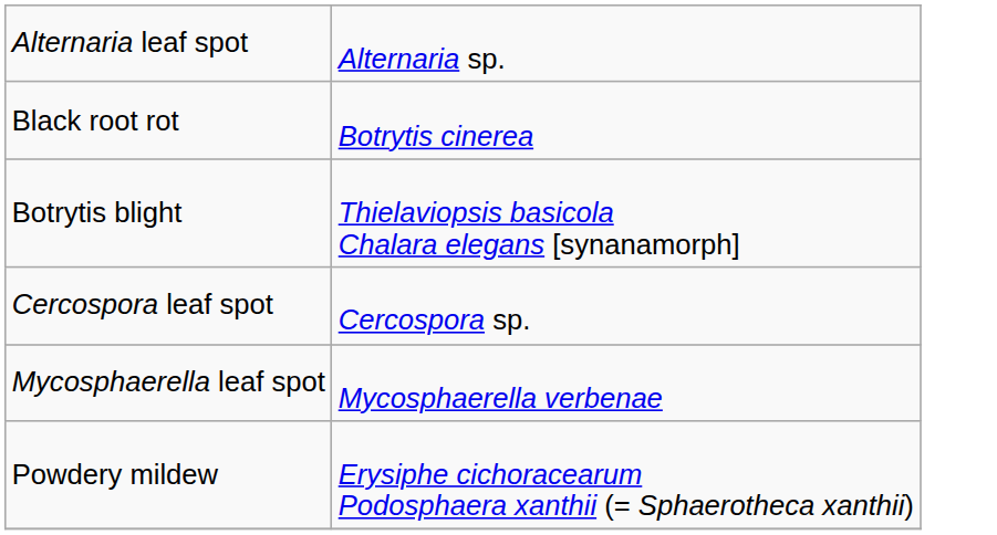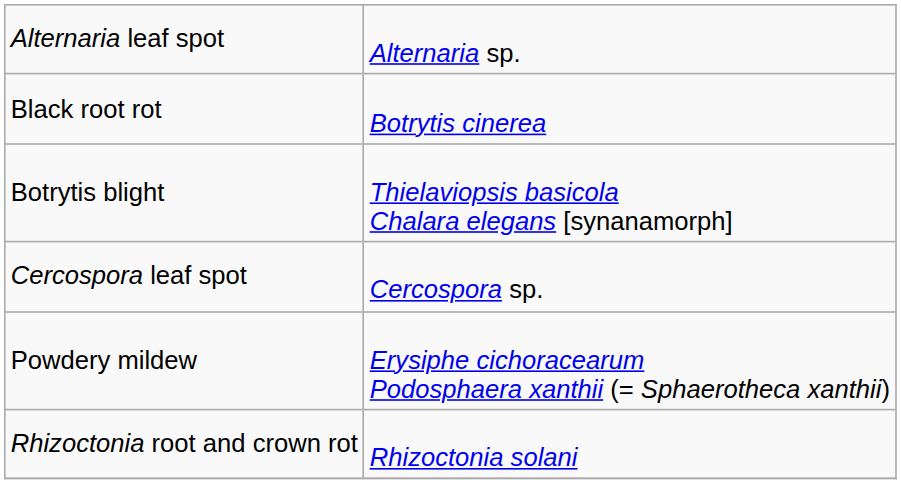 <table class="wikitable" style="clear">
 <tr>
 <td><em>Alternaria</em> leaf spot</td>
 <td><br><em><a href='#'>Alternaria</a></em> sp. <br></td>
 </tr>
 <tr>
 <td>Black root rot</td>
 <td><br><em><a href='#'>Botrytis cinerea</a></em></td>
 </tr>
 <tr>
 <td>Botrytis blight</td>
 <td><br><em><a href='#'>Thielaviopsis basicola</a></em><br> <em><a href='#'>Chalara elegans</a></em> [synanamorph]</td>
 </tr>
 <tr>
 <td><em>Cercospora</em> leaf spot</td>
 <td><br><em><a href='#'>Cercospora</a></em> sp.</td>
 </tr>
 <tr>
-<td><em>Mycosphaerella</em> leaf spot</td>
-<td><br><em><a href='#'>Mycosphaerella verbenae</a></em></td>
-</tr>
-<tr>
 <td>Powdery mildew</td>
 <td><br><em><a href='#'>Erysiphe cichoracearum</a></em><br> <em><a href='#'>Podosphaera xanthii</a></em> (= <em>Sphaerotheca xanthii</em>)</td>
 </tr>
 <tr>
+<td><em>Rhizoctonia</em> root and crown rot</td>
+<td><br><em><a href='#'>Rhizoctonia solani</a></em></td>
+</tr>
+<tr>
 </tr>
 </table>
